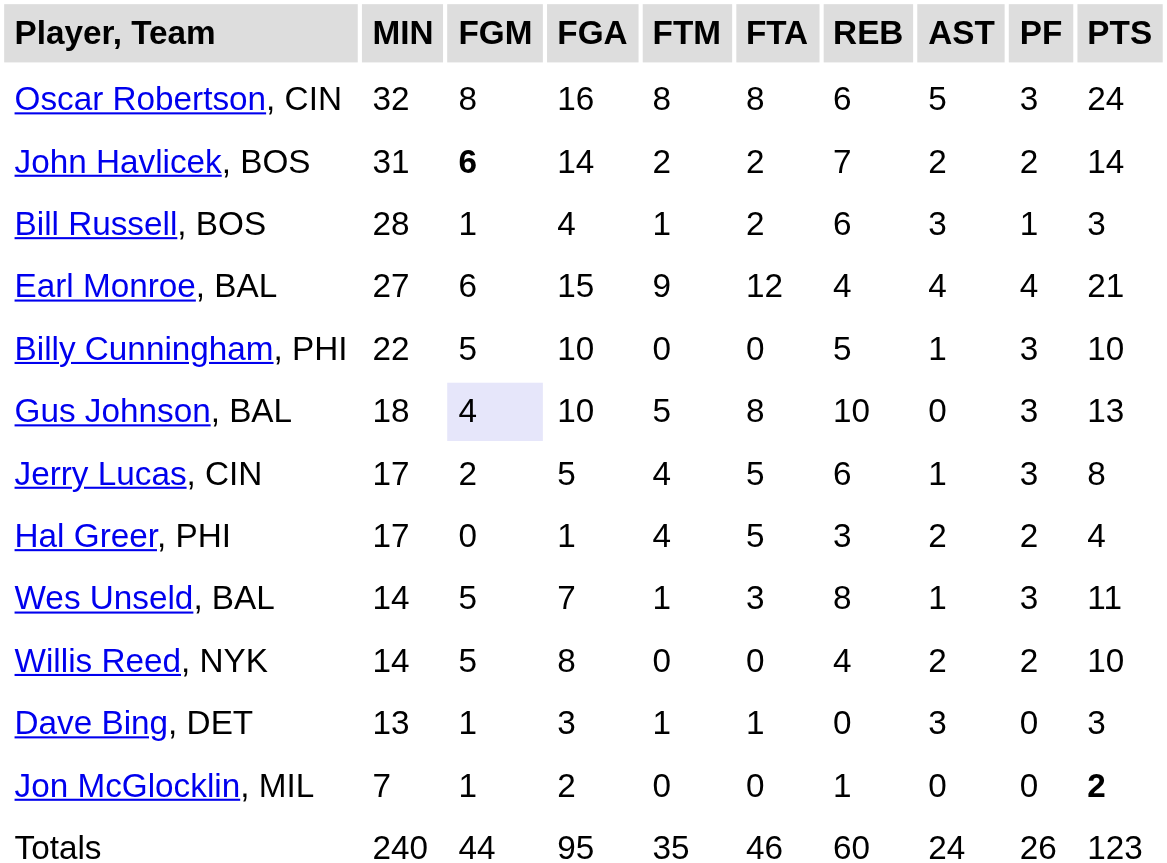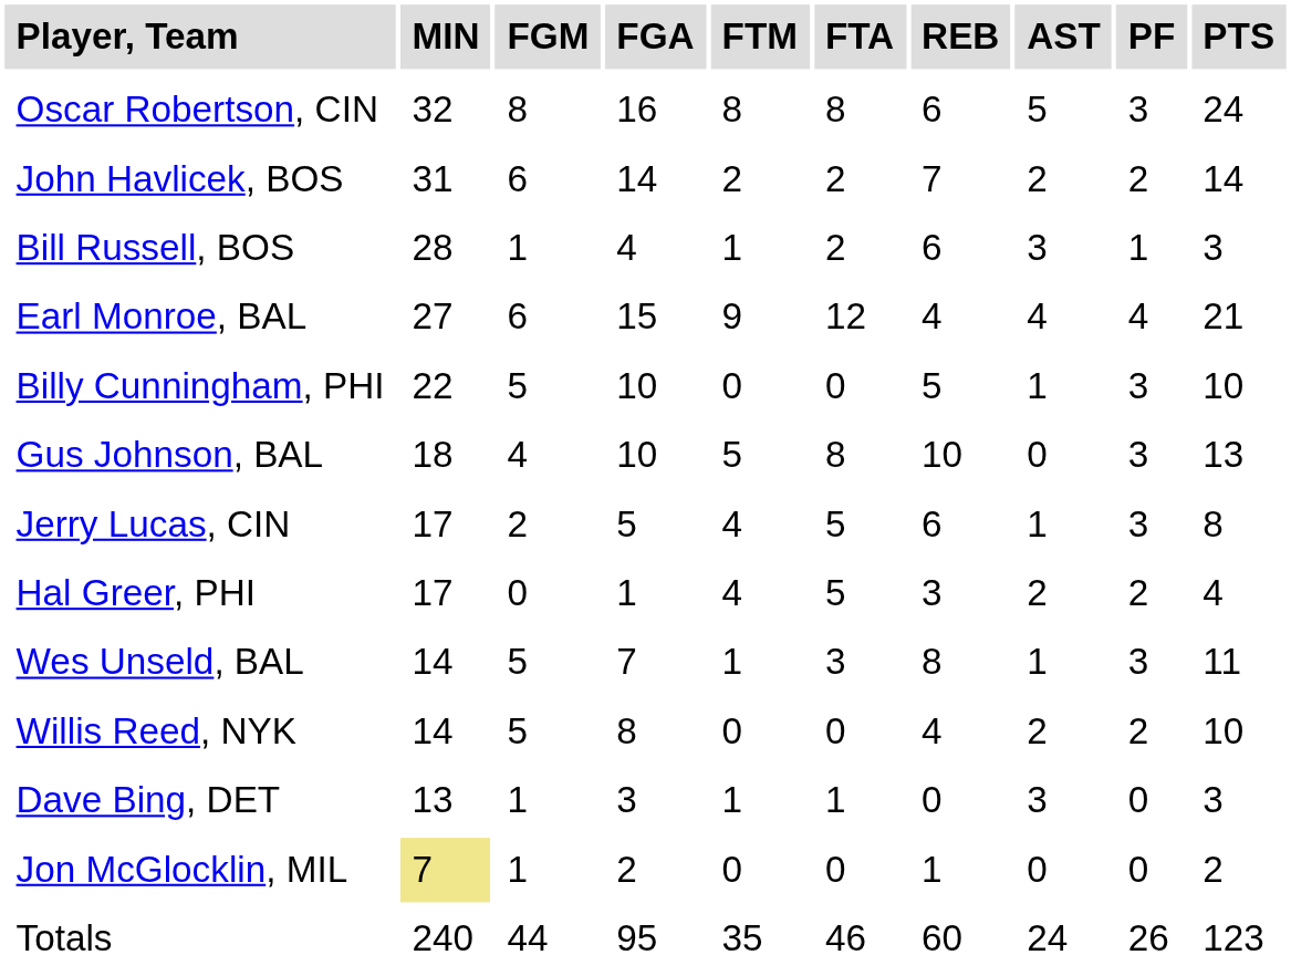 <table cellpadding=5>
 <tr bgcolor="#dddddd">
 <td><strong>Player, Team</strong></td>
 <td><strong>MIN</strong></td>
 <td><strong>FGM</strong></td>
 <td><strong>FGA</strong></td>
 <td><strong>FTM</strong></td>
 <td><strong>FTA</strong></td>
 <td><strong>REB</strong></td>
 <td><strong>AST</strong></td>
 <td><strong>PF</strong></td>
 <td><strong>PTS</strong></td>
 </tr>
 <tr bgcolor="#eeeeee">
 </tr>
 <tr>
 <td><a href='#'>Oscar Robertson</a>, CIN</td>
 <td>32</td>
 <td>8</td>
 <td>16</td>
 <td>8</td>
 <td>8</td>
 <td>6</td>
 <td>5</td>
 <td>3</td>
 <td>24</td>
 </tr>
 <tr>
 <td><a href='#'>John Havlicek</a>, BOS</td>
 <td>31</td>
-<td><strong>6</strong></td>
+<td>6</td>
 <td>14</td>
 <td>2</td>
 <td>2</td>
 <td>7</td>
 <td>2</td>
 <td>2</td>
 <td>14</td>
 </tr>
 <tr>
 <td><a href='#'>Bill Russell</a>, BOS</td>
 <td>28</td>
 <td>1</td>
 <td>4</td>
 <td>1</td>
 <td>2</td>
 <td>6</td>
 <td>3</td>
 <td>1</td>
 <td>3</td>
 </tr>
 <tr>
 <td><a href='#'>Earl Monroe</a>, BAL</td>
 <td>27</td>
 <td>6</td>
 <td>15</td>
 <td>9</td>
 <td>12</td>
 <td>4</td>
 <td>4</td>
 <td>4</td>
 <td>21</td>
 </tr>
 <tr>
 <td><a href='#'>Billy Cunningham</a>, PHI</td>
 <td>22</td>
 <td>5</td>
 <td>10</td>
 <td>0</td>
 <td>0</td>
 <td>5</td>
 <td>1</td>
 <td>3</td>
 <td>10</td>
 </tr>
 <tr>
 <td><a href='#'>Gus Johnson</a>, BAL</td>
 <td>18</td>
-<td style="background: lavender;">4</td>
+<td>4</td>
 <td>10</td>
 <td>5</td>
 <td>8</td>
 <td>10</td>
 <td>0</td>
 <td>3</td>
 <td>13</td>
 </tr>
 <tr>
 <td><a href='#'>Jerry Lucas</a>, CIN</td>
 <td>17</td>
 <td>2</td>
 <td>5</td>
 <td>4</td>
 <td>5</td>
 <td>6</td>
 <td>1</td>
 <td>3</td>
 <td>8</td>
 </tr>
 <tr>
 <td><a href='#'>Hal Greer</a>, PHI</td>
 <td>17</td>
 <td>0</td>
 <td>1</td>
 <td>4</td>
 <td>5</td>
 <td>3</td>
 <td>2</td>
 <td>2</td>
 <td>4</td>
 </tr>
 <tr>
 <td><a href='#'>Wes Unseld</a>, BAL</td>
 <td>14</td>
 <td>5</td>
 <td>7</td>
 <td>1</td>
 <td>3</td>
 <td>8</td>
 <td>1</td>
 <td>3</td>
 <td>11</td>
 </tr>
 <tr>
 <td><a href='#'>Willis Reed</a>, NYK</td>
 <td>14</td>
 <td>5</td>
 <td>8</td>
 <td>0</td>
 <td>0</td>
 <td>4</td>
 <td>2</td>
 <td>2</td>
 <td>10</td>
 </tr>
 <tr>
 <td><a href='#'>Dave Bing</a>, DET</td>
 <td>13</td>
 <td>1</td>
 <td>3</td>
 <td>1</td>
 <td>1</td>
 <td>0</td>
 <td>3</td>
 <td>0</td>
 <td>3</td>
 </tr>
 <tr>
 <td><a href='#'>Jon McGlocklin</a>, MIL</td>
-<td>7</td>
+<td style="background: khaki;">7</td>
 <td>1</td>
 <td>2</td>
 <td>0</td>
 <td>0</td>
 <td>1</td>
 <td>0</td>
 <td>0</td>
-<td><strong>2</strong></td>
+<td>2</td>
 </tr>
 <tr>
 <td>Totals</td>
 <td>240</td>
 <td>44</td>
 <td>95</td>
 <td>35</td>
 <td>46</td>
 <td>60</td>
 <td>24</td>
 <td>26</td>
 <td>123</td>
 </tr>
 <tr>
 </tr>
 </table>
